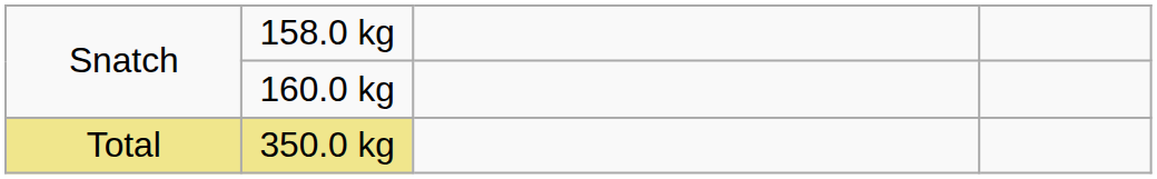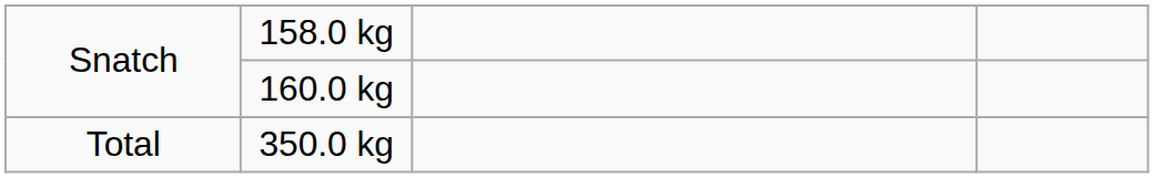 <table class = "wikitable" style="text-align:center;">
 <tr>
 <td rowspan=2 width=100>Snatch</td>
 <td width=70>158.0 kg</td>
 <td width=250 align=left></td>
 <td width=70></td>
 </tr>
 <tr>
 <td>160.0 kg</td>
 <td align=left></td>
 <td></td>
 </tr>
 <tr>
-<td style="background: khaki;">Total</td>
-<td style="background: khaki;">350.0 kg</td>
+<td>Total</td>
+<td>350.0 kg</td>
 <td align=left></td>
 <td></td>
 </tr>
 </table>
